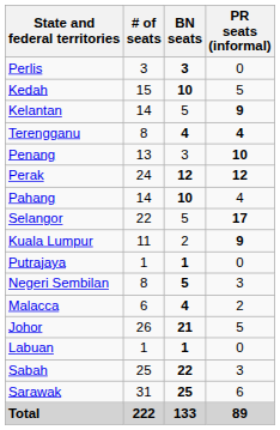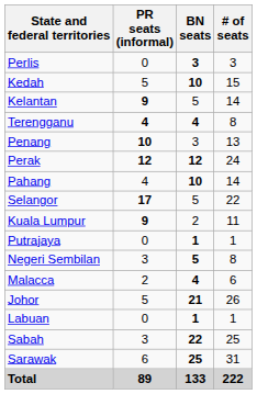 <table class="wikitable sortable" style="text-align:center">
 <tr>
 <th>State and<br>federal territories</th>
+<th>PR<br>seats<br>(informal)</th>
+<th>BN<br>seats</th>
 <th># of<br>seats</th>
-<th>BN<br>seats</th>
-<th>PR<br>seats<br>(informal)</th>
 </tr>
 <tr>
 <td style="text-align:left"> <a href='#'>Perlis</a></td>
+<td>0</td>
+<td><strong>3</strong></td>
 <td>3</td>
-<td><strong>3</strong></td>
-<td>0</td>
 </tr>
 <tr>
 <td style="text-align:left"> <a href='#'>Kedah</a></td>
+<td>5</td>
+<td><strong>10</strong></td>
 <td>15</td>
-<td><strong>10</strong></td>
-<td>5</td>
 </tr>
 <tr>
 <td style="text-align:left"> <a href='#'>Kelantan</a></td>
+<td><strong>9</strong></td>
+<td>5</td>
 <td>14</td>
-<td>5</td>
-<td><strong>9</strong></td>
 </tr>
 <tr>
 <td style="text-align:left"> <a href='#'>Terengganu</a></td>
-<td>8</td>
 <td><strong>4</strong></td>
 <td><strong>4</strong></td>
+<td>8</td>
 </tr>
 <tr>
 <td style="text-align:left"> <a href='#'>Penang</a></td>
+<td><strong>10</strong></td>
+<td>3</td>
 <td>13</td>
-<td>3</td>
-<td><strong>10</strong></td>
 </tr>
 <tr>
 <td style="text-align:left"> <a href='#'>Perak</a></td>
-<td>24</td>
 <td><strong>12</strong></td>
 <td><strong>12</strong></td>
+<td>24</td>
 </tr>
 <tr>
 <td style="text-align:left"> <a href='#'>Pahang</a></td>
+<td>4</td>
+<td><strong>10</strong></td>
 <td>14</td>
-<td><strong>10</strong></td>
-<td>4</td>
 </tr>
 <tr>
 <td style="text-align:left"> <a href='#'>Selangor</a></td>
+<td><strong>17</strong></td>
+<td>5</td>
 <td>22</td>
-<td>5</td>
-<td><strong>17</strong></td>
 </tr>
 <tr>
 <td style="text-align:left"> <a href='#'>Kuala Lumpur</a></td>
+<td><strong>9</strong></td>
+<td>2</td>
 <td>11</td>
-<td>2</td>
-<td><strong>9</strong></td>
 </tr>
 <tr>
 <td style="text-align:left"> <a href='#'>Putrajaya</a></td>
+<td>0</td>
+<td><strong>1</strong></td>
 <td>1</td>
-<td><strong>1</strong></td>
-<td>0</td>
 </tr>
 <tr>
 <td style="text-align:left"> <a href='#'>Negeri Sembilan</a></td>
+<td>3</td>
+<td><strong>5</strong></td>
 <td>8</td>
-<td><strong>5</strong></td>
-<td>3</td>
 </tr>
 <tr>
 <td style="text-align:left"> <a href='#'>Malacca</a></td>
+<td>2</td>
+<td><strong>4</strong></td>
 <td>6</td>
-<td><strong>4</strong></td>
-<td>2</td>
 </tr>
 <tr>
 <td style="text-align:left"> <a href='#'>Johor</a></td>
+<td>5</td>
+<td><strong>21</strong></td>
 <td>26</td>
-<td><strong>21</strong></td>
-<td>5</td>
 </tr>
 <tr>
 <td style="text-align:left"> <a href='#'>Labuan</a></td>
+<td>0</td>
+<td><strong>1</strong></td>
 <td>1</td>
-<td><strong>1</strong></td>
-<td>0</td>
 </tr>
 <tr>
 <td style="text-align:left"> <a href='#'>Sabah</a></td>
+<td>3</td>
+<td><strong>22</strong></td>
 <td>25</td>
-<td><strong>22</strong></td>
-<td>3</td>
 </tr>
 <tr>
 <td style="text-align:left"> <a href='#'>Sarawak</a></td>
+<td>6</td>
+<td><strong>25</strong></td>
 <td>31</td>
-<td><strong>25</strong></td>
-<td>6</td>
 </tr>
 <tr class="sortbottom" bgcolor="lightgrey">
 <td style="text-align:left"><strong>Total</strong></td>
+<td><span><strong>89</strong></span></td>
+<td><span><strong>133</strong></span></td>
 <td><strong>222</strong></td>
-<td><span><strong>133</strong></span></td>
-<td><span><strong>89</strong></span></td>
 </tr>
 </table>
